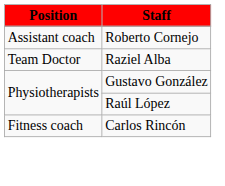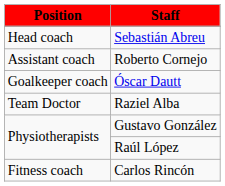 <table class="wikitable">
 <tr>
 <th style=background-color:red;color:black>Position</th>
 <th style=background-color:red;color:black>Staff</th>
 </tr>
 <tr>
 </tr>
 <tr>
+<td>Head coach</td>
+<td> <a href='#'>Sebastián Abreu</a></td>
+</tr>
+<tr>
 <td>Assistant coach</td>
 <td> Roberto Cornejo</td>
+</tr>
+<tr>
+<td>Goalkeeper coach</td>
+<td> <a href='#'>Óscar Dautt</a></td>
 </tr>
 <tr>
 <td>Team Doctor</td>
 <td> Raziel Alba</td>
 </tr>
 <tr>
 <td rowspan="2">Physiotherapists</td>
 <td> Gustavo González</td>
 </tr>
 <tr>
 <td> Raúl López</td>
 </tr>
 <tr>
 <td>Fitness coach</td>
 <td> Carlos Rincón</td>
 </tr>
 </table>
